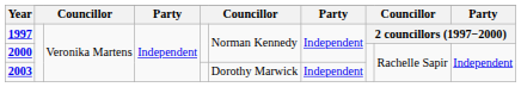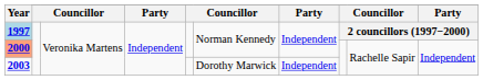 <table class="wikitable">
 <tr>
 <th rowspan="2">Year</th>
 </tr>
 <tr>
 <th colspan="2">Councillor</th>
 <th>Party</th>
 <th colspan="2">Councillor</th>
 <th>Party</th>
 <th colspan="2">Councillor</th>
 <th>Party</th>
 </tr>
 <tr>
-<td><strong><a href='#'>1997</a></strong></td>
+<td style="background: lightblue;"><strong><a href='#'>1997</a></strong></td>
 <td rowspan="3" width="1px" > </td>
 <td rowspan="3">Veronika Martens</td>
 <td rowspan="3"><a href='#'>Independent</a></td>
 <td rowspan="2" width="1px" > </td>
 <td rowspan="2">Norman Kennedy</td>
 <td rowspan="2"><a href='#'>Independent</a></td>
 <th colspan=12; rowspan=1>2 councillors (1997−2000)</th>
 </tr>
 <tr>
-<td><strong><a href='#'>2000</a></strong></td>
+<td style="background: lightsalmon;"><strong><a href='#'>2000</a></strong></td>
 <td rowspan="2" width="1px" > </td>
 <td rowspan="2">Rachelle Sapir</td>
 <td rowspan="2"><a href='#'>Independent</a></td>
 </tr>
 <tr>
 <td><strong><a href='#'>2003</a></strong></td>
 <td rowspan="2" width="1px" > </td>
 <td rowspan="2">Dorothy Marwick</td>
 <td rowspan="2"><a href='#'>Independent</a></td>
 </tr>
 </table>
